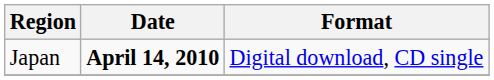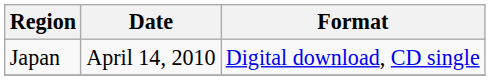 <table class="wikitable">
 <tr>
 <th>Region</th>
 <th>Date</th>
 <th>Format</th>
 </tr>
 <tr>
 <td>Japan</td>
-<td><strong>April 14, 2010</strong></td>
+<td>April 14, 2010</td>
 <td><a href='#'>Digital download</a>, <a href='#'>CD single</a></td>
 </tr>
 <tr>
 </tr>
 </table>
